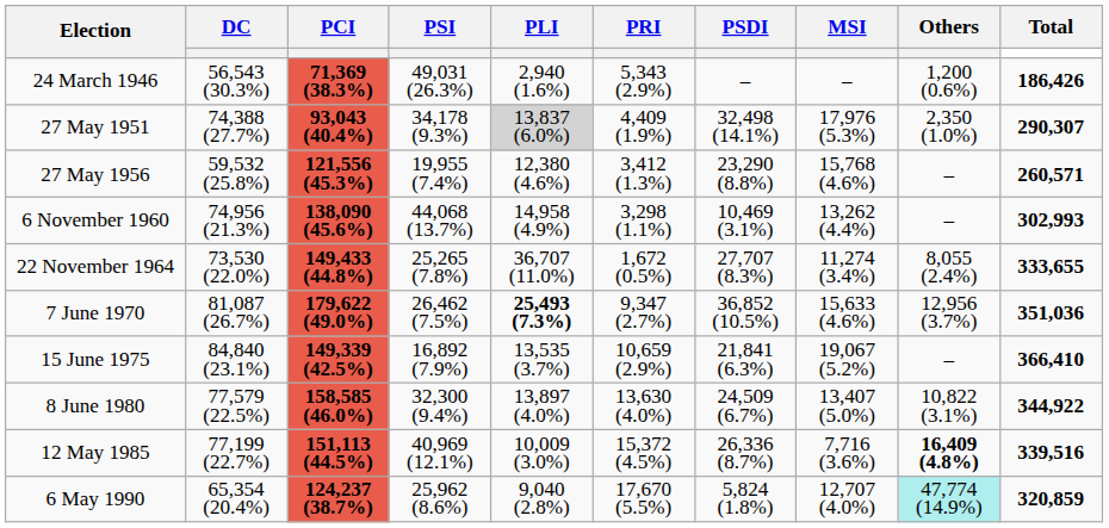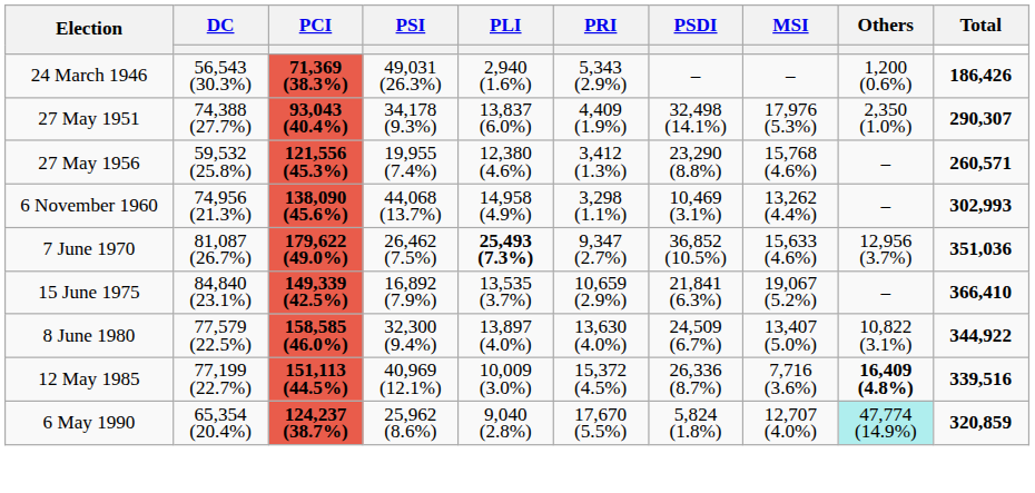 <table class="wikitable" style="text-align:center;font-size:90%;line-height:13px">
 <tr style="height:30px; background-color:#E9E9E9">
 <th style="width:120px;" rowspan="2">Election</th>
 <th style="width:65px;"><a href='#'>DC</a></th>
 <th style="width:65px;"><a href='#'>PCI</a></th>
 <th style="width:65px;"><a href='#'>PSI</a></th>
 <th style="width:65px;"><a href='#'>PLI</a></th>
 <th style="width:65px;"><a href='#'>PRI</a></th>
 <th style="width:65px;"><a href='#'>PSDI</a></th>
 <th style="width:65px;"><a href='#'>MSI</a></th>
 <th style="width:65px;">Others</th>
 <th style="width:65px;">Total</th>
 </tr>
 <tr>
 <th style="background:"></th>
 <th style="background:"></th>
 <th style="background:"></th>
 <th style="background:"></th>
 <th style="background:"></th>
 <th style="background:"></th>
 <th style="background:"></th>
 <th style="background:"></th>
 <th style="background:white;"></th>
 </tr>
 <tr>
 <td>24 March 1946</td>
 <td>56,543<br>(30.3%)</td>
 <td style="background:#E95C4B"><strong>71,369 <br>(38.3%)</strong></td>
 <td>49,031 <br>(26.3%)</td>
 <td>2,940 <br>(1.6%)</td>
 <td>5,343 <br>(2.9%)</td>
 <td>–</td>
 <td>–</td>
 <td>1,200 <br>(0.6%)</td>
 <td><strong>186,426</strong></td>
 </tr>
 <tr>
 <td>27 May 1951</td>
 <td>74,388<br>(27.7%)</td>
 <td style="background:#E95C4B"><strong>93,043 <br>(40.4%)</strong></td>
 <td>34,178 <br>(9.3%)</td>
-<td style="background: lightgrey;">13,837 <br>(6.0%)</td>
+<td>13,837 <br>(6.0%)</td>
 <td>4,409 <br>(1.9%)</td>
 <td>32,498 <br>(14.1%)</td>
 <td>17,976 <br>(5.3%)</td>
 <td>2,350 <br>(1.0%)</td>
 <td><strong>290,307</strong></td>
 </tr>
 <tr>
 <td>27 May 1956</td>
 <td>59,532<br>(25.8%)</td>
 <td style="background:#E95C4B"><strong>121,556 <br>(45.3%)</strong></td>
 <td>19,955 <br>(7.4%)</td>
 <td>12,380 <br>(4.6%)</td>
 <td>3,412 <br>(1.3%)</td>
 <td>23,290 <br>(8.8%)</td>
 <td>15,768 <br>(4.6%)</td>
 <td>–</td>
 <td><strong>260,571</strong></td>
 </tr>
 <tr>
 <td>6 November 1960</td>
 <td>74,956 <br>(21.3%)</td>
 <td style="background:#E95C4B"><strong>138,090 <br>(45.6%)</strong></td>
 <td>44,068 <br>(13.7%)</td>
 <td>14,958 <br>(4.9%)</td>
 <td>3,298 <br>(1.1%)</td>
 <td>10,469 <br>(3.1%)</td>
 <td>13,262 <br>(4.4%)</td>
 <td>–</td>
 <td><strong>302,993</strong></td>
-</tr>
-<tr>
-<td>22 November 1964</td>
-<td>73,530 <br>(22.0%)</td>
-<td style="background:#E95C4B"><strong>149,433 <br>(44.8%)</strong></td>
-<td>25,265 <br>(7.8%)</td>
-<td>36,707 <br>(11.0%)</td>
-<td>1,672 <br>(0.5%)</td>
-<td>27,707 <br>(8.3%)</td>
-<td>11,274 <br>(3.4%)</td>
-<td>8,055 <br>(2.4%)</td>
-<td><strong>333,655</strong></td>
 </tr>
 <tr>
 <td>7 June 1970</td>
 <td>81,087 <br>(26.7%)</td>
 <td style="background:#E95C4B"><strong>179,622 <br>(49.0%)</strong></td>
 <td>26,462 <br>(7.5%)</td>
 <td><strong>25,493 <br>(7.3%)</strong></td>
 <td>9,347 <br>(2.7%)</td>
 <td>36,852 <br>(10.5%)</td>
 <td>15,633 <br>(4.6%)</td>
 <td>12,956 <br>(3.7%)</td>
 <td><strong>351,036</strong></td>
 </tr>
 <tr>
 <td>15 June 1975</td>
 <td>84,840 <br>(23.1%)</td>
 <td style="background:#E95C4B"><strong>149,339 <br>(42.5%)</strong></td>
 <td>16,892 <br>(7.9%)</td>
 <td>13,535 <br>(3.7%)</td>
 <td>10,659 <br>(2.9%)</td>
 <td>21,841 <br>(6.3%)</td>
 <td>19,067 <br>(5.2%)</td>
 <td>–</td>
 <td><strong>366,410</strong></td>
 </tr>
 <tr>
 <td>8 June 1980</td>
 <td>77,579 <br>(22.5%)</td>
 <td style="background:#E95C4B"><strong>158,585 <br>(46.0%)</strong></td>
 <td>32,300 <br>(9.4%)</td>
 <td>13,897 <br>(4.0%)</td>
 <td>13,630 <br>(4.0%)</td>
 <td>24,509 <br>(6.7%)</td>
 <td>13,407 <br>(5.0%)</td>
 <td>10,822 <br>(3.1%)</td>
 <td><strong>344,922</strong></td>
 </tr>
 <tr>
 <td>12 May 1985</td>
 <td>77,199 <br>(22.7%)</td>
 <td style="background:#E95C4B"><strong>151,113 <br>(44.5%)</strong></td>
 <td>40,969 <br>(12.1%)</td>
 <td>10,009 <br>(3.0%)</td>
 <td>15,372 <br>(4.5%)</td>
 <td>26,336 <br>(8.7%)</td>
 <td>7,716 <br>(3.6%)</td>
 <td><strong>16,409 <br>(4.8%)</strong></td>
 <td><strong>339,516</strong></td>
 </tr>
 <tr>
 <td>6 May 1990</td>
 <td>65,354 <br>(20.4%)</td>
 <td style="background:#E95C4B"><strong>124,237 <br>(38.7%)</strong></td>
 <td>25,962 <br>(8.6%)</td>
 <td>9,040 <br>(2.8%)</td>
 <td>17,670 <br>(5.5%)</td>
 <td>5,824 <br>(1.8%)</td>
 <td>12,707 <br>(4.0%)</td>
 <td style="background: paleturquoise;">47,774 <br>(14.9%)</td>
 <td><strong>320,859</strong></td>
 </tr>
 </table>
